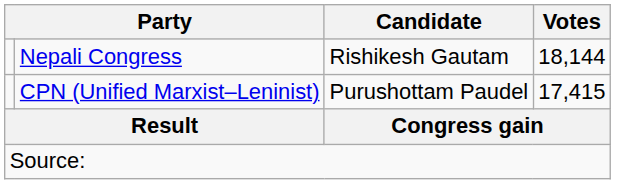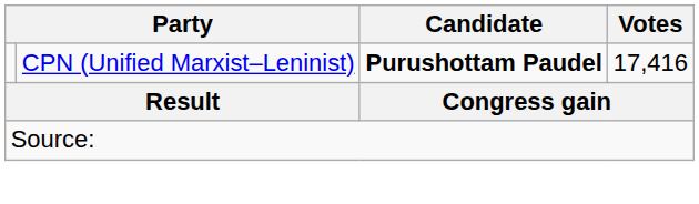 <table class="wikitable">
 <tr>
 <th colspan="2">Party</th>
 <th>Candidate</th>
 <th>Votes</th>
 </tr>
 <tr>
 <td style="background-color:"></td>
-<td><a href='#'>Nepali Congress</a></td>
-<td>Rishikesh Gautam</td>
-<td>18,144</td>
-</tr>
-<tr>
-<td style="background-color:"></td>
 <td><a href='#'>CPN (Unified Marxist–Leninist)</a></td>
-<td>Purushottam Paudel</td>
-<td>17,415</td>
+<td><strong>Purushottam Paudel</strong></td>
+<td>17,416</td>
 </tr>
 <tr>
 <th colspan="2">Result</th>
 <th colspan="2">Congress gain</th>
 </tr>
 <tr>
 <td colspan="4">Source: </td>
 </tr>
 </table>
